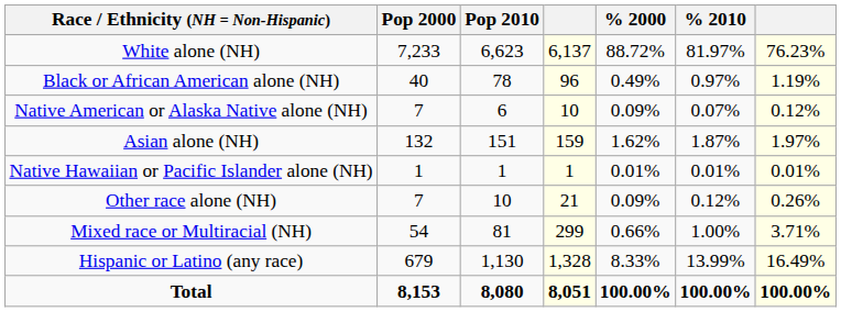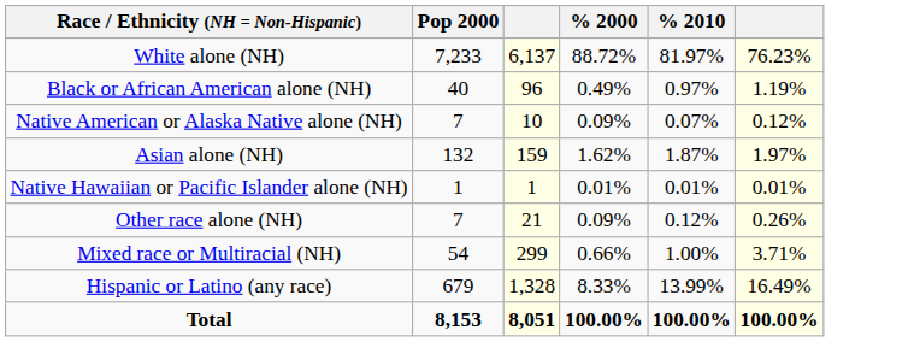 <table class="wikitable" style="text-align:center;">
 <tr>
 <th>Race / Ethnicity <small>(<em>NH = Non-Hispanic</em>)</small></th>
 <th>Pop 2000</th>
-<th>Pop 2010</th>
 <th></th>
 <th>% 2000</th>
 <th>% 2010</th>
 <th></th>
 </tr>
 <tr>
 <td><a href='#'>White</a> alone (NH)</td>
 <td>7,233</td>
-<td>6,623</td>
 <td style='background: #ffffe6;'>6,137</td>
 <td>88.72%</td>
 <td>81.97%</td>
 <td style='background: #ffffe6;'>76.23%</td>
 </tr>
 <tr>
 <td><a href='#'>Black or African American</a> alone (NH)</td>
 <td>40</td>
-<td>78</td>
 <td style='background: #ffffe6;'>96</td>
 <td>0.49%</td>
 <td>0.97%</td>
 <td style='background: #ffffe6;'>1.19%</td>
 </tr>
 <tr>
 <td><a href='#'>Native American</a> or <a href='#'>Alaska Native</a> alone (NH)</td>
 <td>7</td>
-<td>6</td>
 <td style='background: #ffffe6;'>10</td>
 <td>0.09%</td>
 <td>0.07%</td>
 <td style='background: #ffffe6;'>0.12%</td>
 </tr>
 <tr>
 <td><a href='#'>Asian</a> alone (NH)</td>
 <td>132</td>
-<td>151</td>
 <td style='background: #ffffe6;'>159</td>
 <td>1.62%</td>
 <td>1.87%</td>
 <td style='background: #ffffe6;'>1.97%</td>
 </tr>
 <tr>
 <td><a href='#'>Native Hawaiian</a> or <a href='#'>Pacific Islander</a> alone (NH)</td>
-<td>1</td>
 <td>1</td>
 <td style='background: #ffffe6;'>1</td>
 <td>0.01%</td>
 <td>0.01%</td>
 <td style='background: #ffffe6;'>0.01%</td>
 </tr>
 <tr>
 <td><a href='#'>Other race</a> alone (NH)</td>
 <td>7</td>
-<td>10</td>
 <td style='background: #ffffe6;'>21</td>
 <td>0.09%</td>
 <td>0.12%</td>
 <td style='background: #ffffe6;'>0.26%</td>
 </tr>
 <tr>
 <td><a href='#'>Mixed race or Multiracial</a> (NH)</td>
 <td>54</td>
-<td>81</td>
 <td style='background: #ffffe6;'>299</td>
 <td>0.66%</td>
 <td>1.00%</td>
 <td style='background: #ffffe6;'>3.71%</td>
 </tr>
 <tr>
 <td><a href='#'>Hispanic or Latino</a> (any race)</td>
 <td>679</td>
-<td>1,130</td>
 <td style='background: #ffffe6;'>1,328</td>
 <td>8.33%</td>
 <td>13.99%</td>
 <td style='background: #ffffe6;'>16.49%</td>
 </tr>
 <tr>
 <td><strong>Total</strong></td>
 <td><strong>8,153</strong></td>
-<td><strong>8,080</strong></td>
 <td style='background: #ffffe6;'><strong>8,051</strong></td>
 <td><strong>100.00%</strong></td>
 <td><strong>100.00%</strong></td>
 <td style='background: #ffffe6;'><strong>100.00%</strong></td>
 </tr>
 </table>
